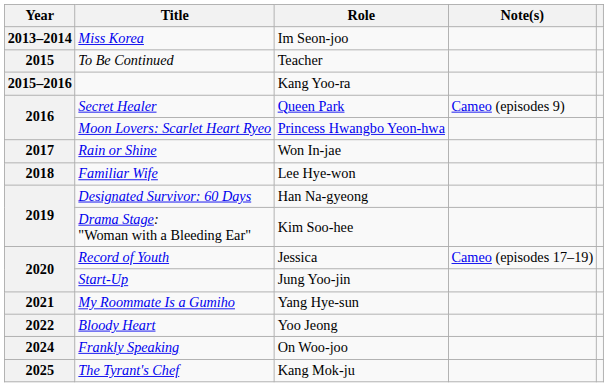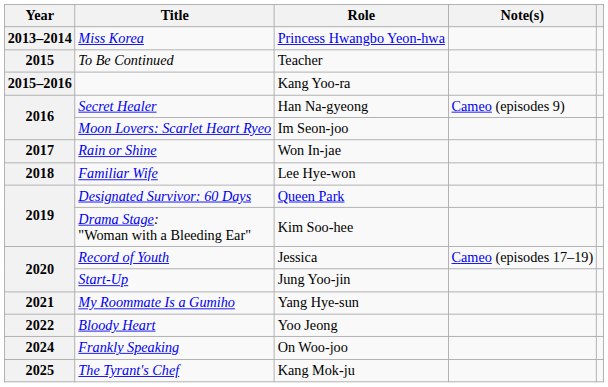 <table class="wikitable plainrowheaders sortable">
 <tr>
 <th scope="col">Year</th>
 <th scope="col">Title</th>
 <th scope="col">Role</th>
 <th scope="col">Note(s)</th>
 <th scope="col" class="unsortable"></th>
 </tr>
 <tr>
 <th scope="row">2013–2014</th>
 <td><em><a href='#'>Miss Korea</a></em></td>
-<td>Im Seon-joo</td>
+<td><a href='#'>Princess Hwangbo Yeon-hwa</a></td>
 <td></td>
 <td style="text-align:center"></td>
 </tr>
 <tr>
 <th scope="row">2015</th>
 <td><em>To Be Continued</em></td>
 <td>Teacher</td>
 <td></td>
 <td style="text-align:center"></td>
 </tr>
 <tr>
 <th scope="row">2015–2016</th>
 <td><em></em></td>
 <td>Kang Yoo-ra</td>
 <td></td>
 <td style="text-align:center"></td>
 </tr>
 <tr>
 <th scope="row" rowspan="2">2016</th>
 <td><em><a href='#'>Secret Healer</a></em></td>
-<td><a href='#'>Queen Park</a></td>
+<td>Han Na-gyeong</td>
 <td><a href='#'>Cameo</a> (episodes 9)</td>
 <td style="text-align:center"></td>
 </tr>
 <tr>
 <td><em><a href='#'>Moon Lovers: Scarlet Heart Ryeo</a></em></td>
-<td><a href='#'>Princess Hwangbo Yeon-hwa</a></td>
+<td>Im Seon-joo</td>
 <td></td>
 <td style="text-align:center"></td>
 </tr>
 <tr>
 <th scope="row">2017</th>
 <td><em><a href='#'>Rain or Shine</a></em></td>
 <td>Won In-jae</td>
 <td></td>
 <td style="text-align:center"></td>
 </tr>
 <tr>
 <th scope="row">2018</th>
 <td><em><a href='#'>Familiar Wife</a></em></td>
 <td>Lee Hye-won</td>
 <td></td>
 <td style="text-align:center"></td>
 </tr>
 <tr>
 <th scope="row" rowspan="2">2019</th>
 <td><em><a href='#'>Designated Survivor: 60 Days</a></em></td>
-<td>Han Na-gyeong</td>
+<td><a href='#'>Queen Park</a></td>
 <td></td>
 <td style="text-align:center"></td>
 </tr>
 <tr>
 <td><em><a href='#'>Drama Stage</a>:</em><br>"Woman with a Bleeding Ear"</td>
 <td>Kim Soo-hee</td>
 <td></td>
 <td style="text-align:center"></td>
 </tr>
 <tr>
 <th scope="row" rowspan="2">2020</th>
 <td><em><a href='#'>Record of Youth</a></em></td>
 <td>Jessica</td>
 <td><a href='#'>Cameo</a> (episodes 17–19)</td>
 <td style="text-align:center"></td>
 </tr>
 <tr>
 <td><em><a href='#'>Start-Up</a></em></td>
 <td>Jung Yoo-jin</td>
 <td></td>
 <td style="text-align:center"></td>
 </tr>
 <tr>
 <th scope="row">2021</th>
 <td><em><a href='#'>My Roommate Is a Gumiho</a></em></td>
 <td>Yang Hye-sun</td>
 <td></td>
 <td style="text-align:center"></td>
 </tr>
 <tr>
 <th scope="row">2022</th>
 <td><em><a href='#'>Bloody Heart</a></em></td>
 <td>Yoo Jeong</td>
 <td></td>
 <td style="text-align:center"></td>
 </tr>
 <tr>
 <th scope="row">2024</th>
 <td><em><a href='#'>Frankly Speaking</a></em></td>
 <td>On Woo-joo</td>
 <td></td>
 <td style="text-align:center"></td>
 </tr>
 <tr>
 <th scope="row">2025</th>
 <td><em><a href='#'>The Tyrant's Chef</a></em></td>
 <td>Kang Mok-ju</td>
 <td></td>
 <td></td>
 </tr>
 </table>
